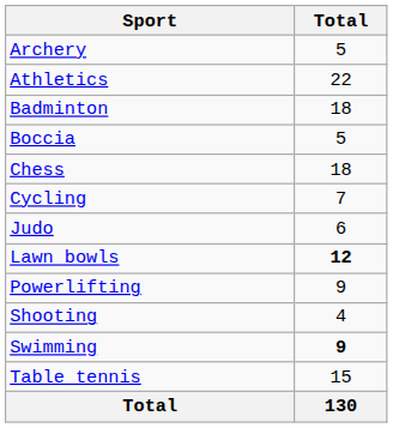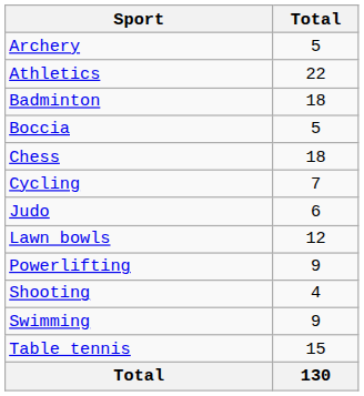 <table class="wikitable" style="text-align:center;">
 <tr>
 <th width=200>Sport</th>
 <th width=60>Total</th>
 </tr>
 <tr>
 <td align=left><a href='#'>Archery</a></td>
 <td>5</td>
 </tr>
 <tr>
 <td align=left><a href='#'>Athletics</a></td>
 <td>22</td>
 </tr>
 <tr>
 <td align=left><a href='#'>Badminton</a></td>
 <td>18</td>
 </tr>
 <tr>
 <td align=left><a href='#'>Boccia</a></td>
 <td>5</td>
 </tr>
 <tr>
 <td align=left><a href='#'>Chess</a></td>
 <td>18</td>
 </tr>
 <tr>
 <td align=left><a href='#'>Cycling</a></td>
 <td>7</td>
 </tr>
 <tr>
 <td align=left><a href='#'>Judo</a></td>
 <td>6</td>
 </tr>
 <tr>
 <td align=left><a href='#'>Lawn bowls</a></td>
-<td><strong>12</strong></td>
+<td>12</td>
 </tr>
 <tr>
 <td align=left><a href='#'>Powerlifting</a></td>
 <td>9</td>
 </tr>
 <tr>
 <td align=left><a href='#'>Shooting</a></td>
 <td>4</td>
 </tr>
 <tr>
 <td align=left><a href='#'>Swimming</a></td>
-<td><strong>9</strong></td>
+<td>9</td>
 </tr>
 <tr>
 <td align=left><a href='#'>Table tennis</a></td>
 <td>15</td>
 </tr>
 <tr>
 <th>Total</th>
 <th>130</th>
 </tr>
 </table>
